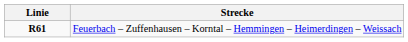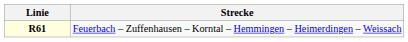 <table class="wikitable">
 <tr>
 <th style="width:6em">Linie</th>
 <th>Strecke</th>
 </tr>
 <tr>
-<td align="center"> <strong>R61</strong></td>
+<td align="center" style="background: lightyellow;"> <strong>R61</strong></td>
 <td><a href='#'>Feuerbach</a> – Zuffenhausen – Korntal – <a href='#'>Hemmingen</a> – <a href='#'>Heimerdingen</a> – <a href='#'>Weissach</a></td>
 </tr>
 </table>
